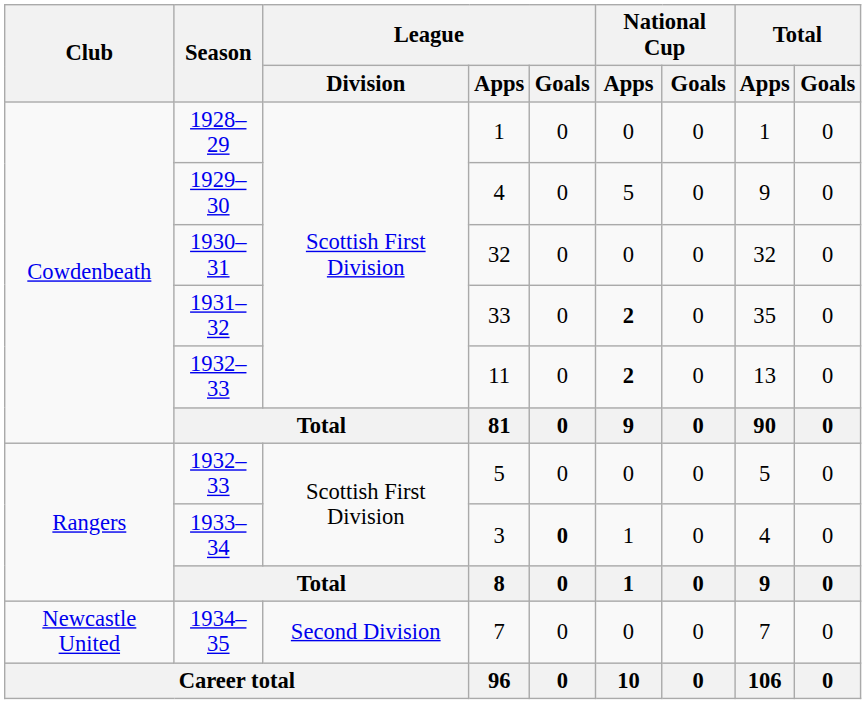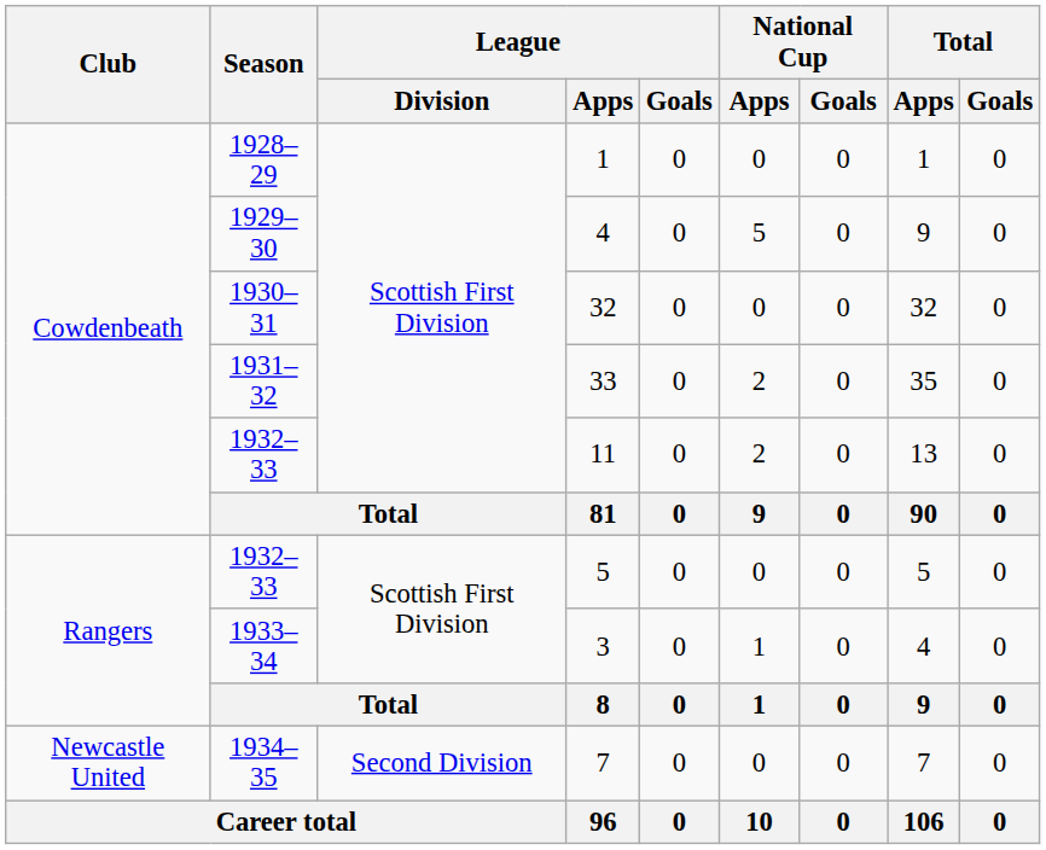 <table class="wikitable" style="text-align: center;">
 <tr>
 <th rowspan="2">Club</th>
 <th rowspan="2">Season</th>
 <th colspan="3">League</th>
 <th colspan="2">National Cup</th>
 <th colspan="2">Total</th>
 </tr>
 <tr>
 <th>Division</th>
 <th>Apps</th>
 <th>Goals</th>
 <th>Apps</th>
 <th>Goals</th>
 <th>Apps</th>
 <th>Goals</th>
 </tr>
 <tr>
 <td rowspan="6"><a href='#'>Cowdenbeath</a></td>
 <td><a href='#'>1928–29</a></td>
 <td rowspan="5"><a href='#'>Scottish First Division</a></td>
 <td>1</td>
 <td>0</td>
 <td>0</td>
 <td>0</td>
 <td>1</td>
 <td>0</td>
 </tr>
 <tr>
 <td><a href='#'>1929–30</a></td>
 <td>4</td>
 <td>0</td>
 <td>5</td>
 <td>0</td>
 <td>9</td>
 <td>0</td>
 </tr>
 <tr>
 <td><a href='#'>1930–31</a></td>
 <td>32</td>
 <td>0</td>
 <td>0</td>
 <td>0</td>
 <td>32</td>
 <td>0</td>
 </tr>
 <tr>
 <td><a href='#'>1931–32</a></td>
 <td>33</td>
 <td>0</td>
-<td><strong>2</strong></td>
+<td>2</td>
 <td>0</td>
 <td>35</td>
 <td>0</td>
 </tr>
 <tr>
 <td><a href='#'>1932–33</a></td>
 <td>11</td>
 <td>0</td>
-<td><strong>2</strong></td>
+<td>2</td>
 <td>0</td>
 <td>13</td>
 <td>0</td>
 </tr>
 <tr>
 <th colspan="2">Total</th>
 <th>81</th>
 <th>0</th>
 <th>9</th>
 <th>0</th>
 <th>90</th>
 <th>0</th>
 </tr>
 <tr>
 <td rowspan="3"><a href='#'>Rangers</a></td>
 <td><a href='#'>1932–33</a></td>
 <td rowspan="2">Scottish First Division</td>
 <td>5</td>
 <td>0</td>
 <td>0</td>
 <td>0</td>
 <td>5</td>
 <td>0</td>
 </tr>
 <tr>
 <td><a href='#'>1933–34</a></td>
 <td>3</td>
-<td><strong>0</strong></td>
+<td>0</td>
 <td>1</td>
 <td>0</td>
 <td>4</td>
 <td>0</td>
 </tr>
 <tr>
 <th colspan="2">Total</th>
 <th>8</th>
 <th>0</th>
 <th>1</th>
 <th>0</th>
 <th>9</th>
 <th>0</th>
 </tr>
 <tr>
 <td><a href='#'>Newcastle United</a></td>
 <td><a href='#'>1934–35</a></td>
 <td><a href='#'>Second Division</a></td>
 <td>7</td>
 <td>0</td>
 <td>0</td>
 <td>0</td>
 <td>7</td>
 <td>0</td>
 </tr>
 <tr>
 <th colspan="3">Career total</th>
 <th>96</th>
 <th>0</th>
 <th>10</th>
 <th>0</th>
 <th>106</th>
 <th>0</th>
 </tr>
 </table>
